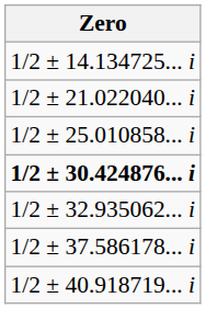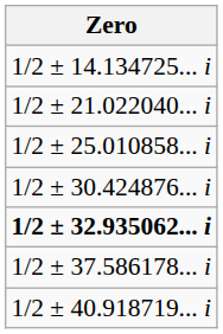 <table class="wikitable">
 <tr>
 <th>Zero</th>
 </tr>
 <tr>
 <td>1/2 ± 14.134725... <em>i</em></td>
 </tr>
 <tr>
 <td>1/2 ± 21.022040... <em>i</em></td>
 </tr>
 <tr>
 <td>1/2 ± 25.010858... <em>i</em></td>
 </tr>
 <tr>
-<td><strong>1/2 ± 30.424876... <em>i</em></strong></td>
+<td>1/2 ± 30.424876... <em>i</em></td>
 </tr>
 <tr>
-<td>1/2 ± 32.935062... <em>i</em></td>
+<td><strong>1/2 ± 32.935062... <em>i</em></strong></td>
 </tr>
 <tr>
 <td>1/2 ± 37.586178... <em>i</em></td>
 </tr>
 <tr>
 <td>1/2 ± 40.918719... <em>i</em></td>
 </tr>
 </table>
